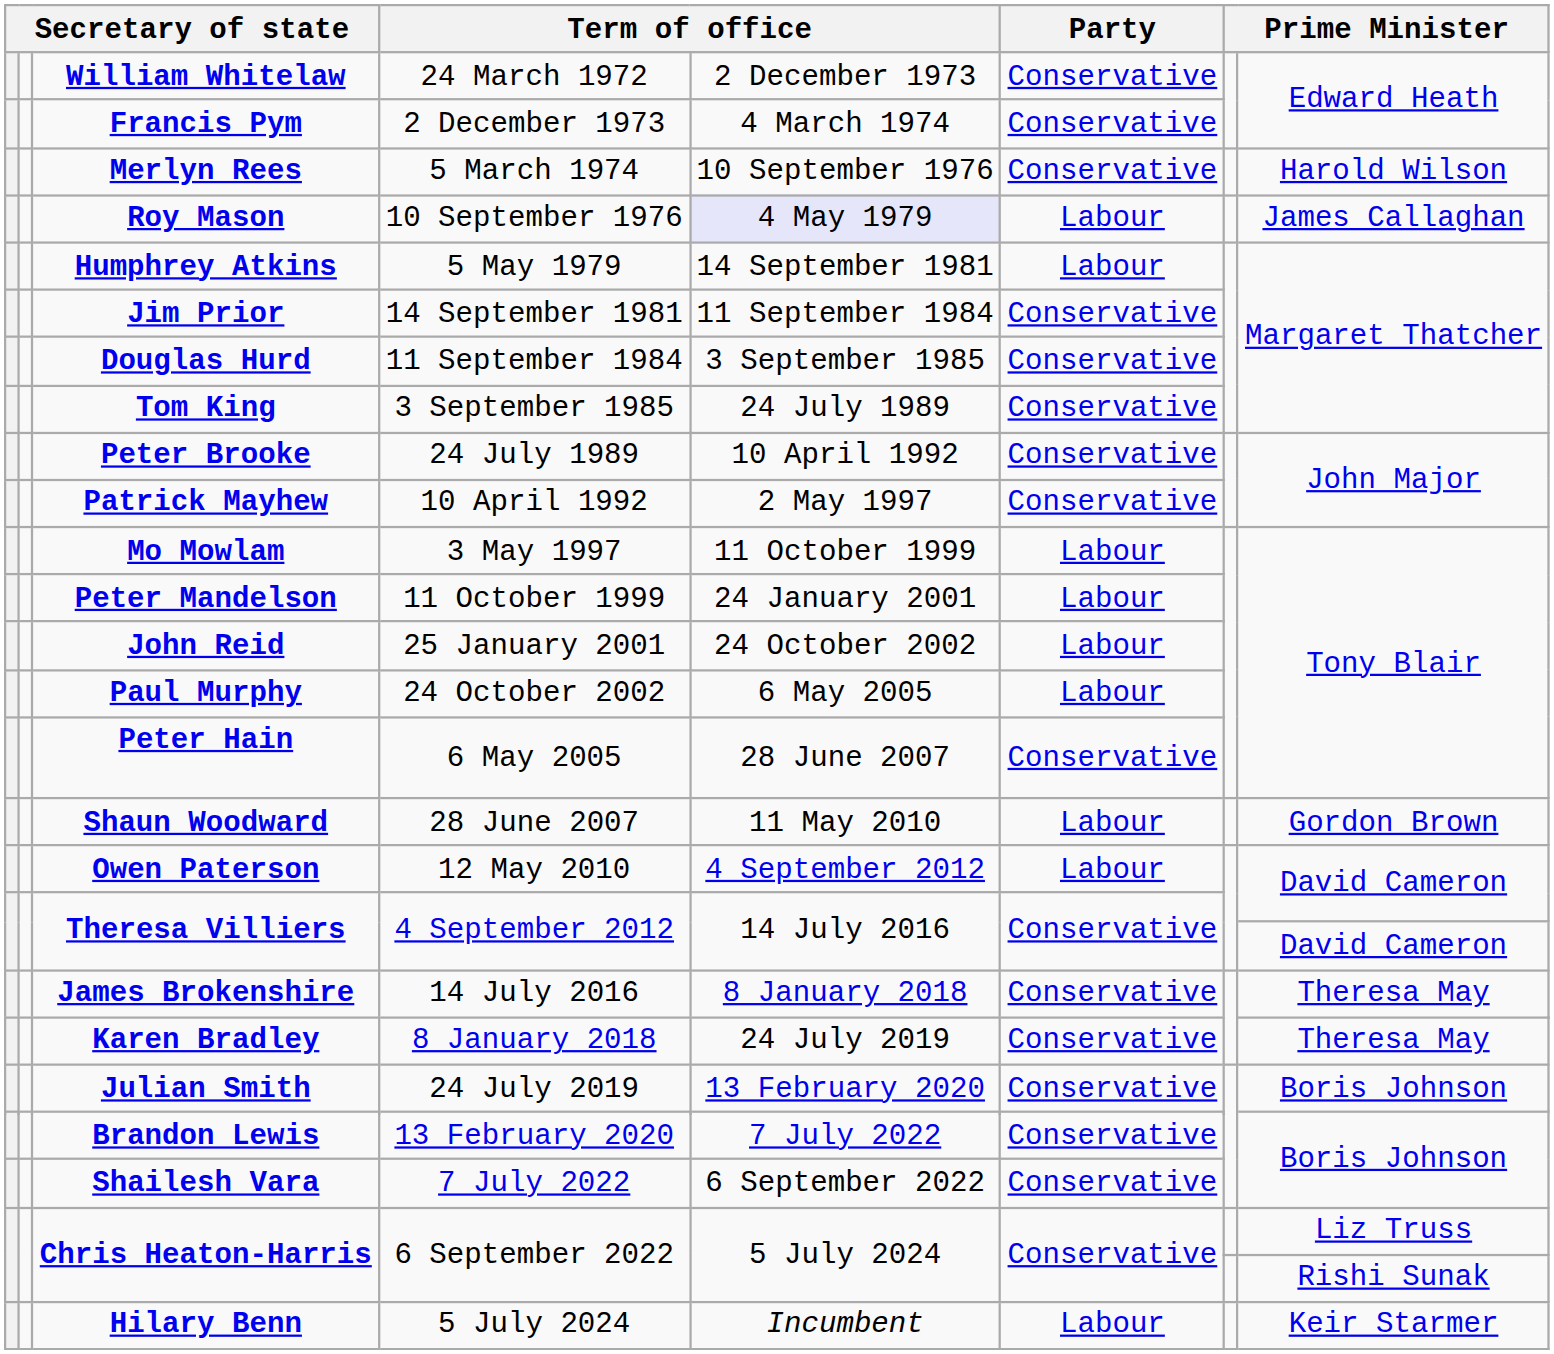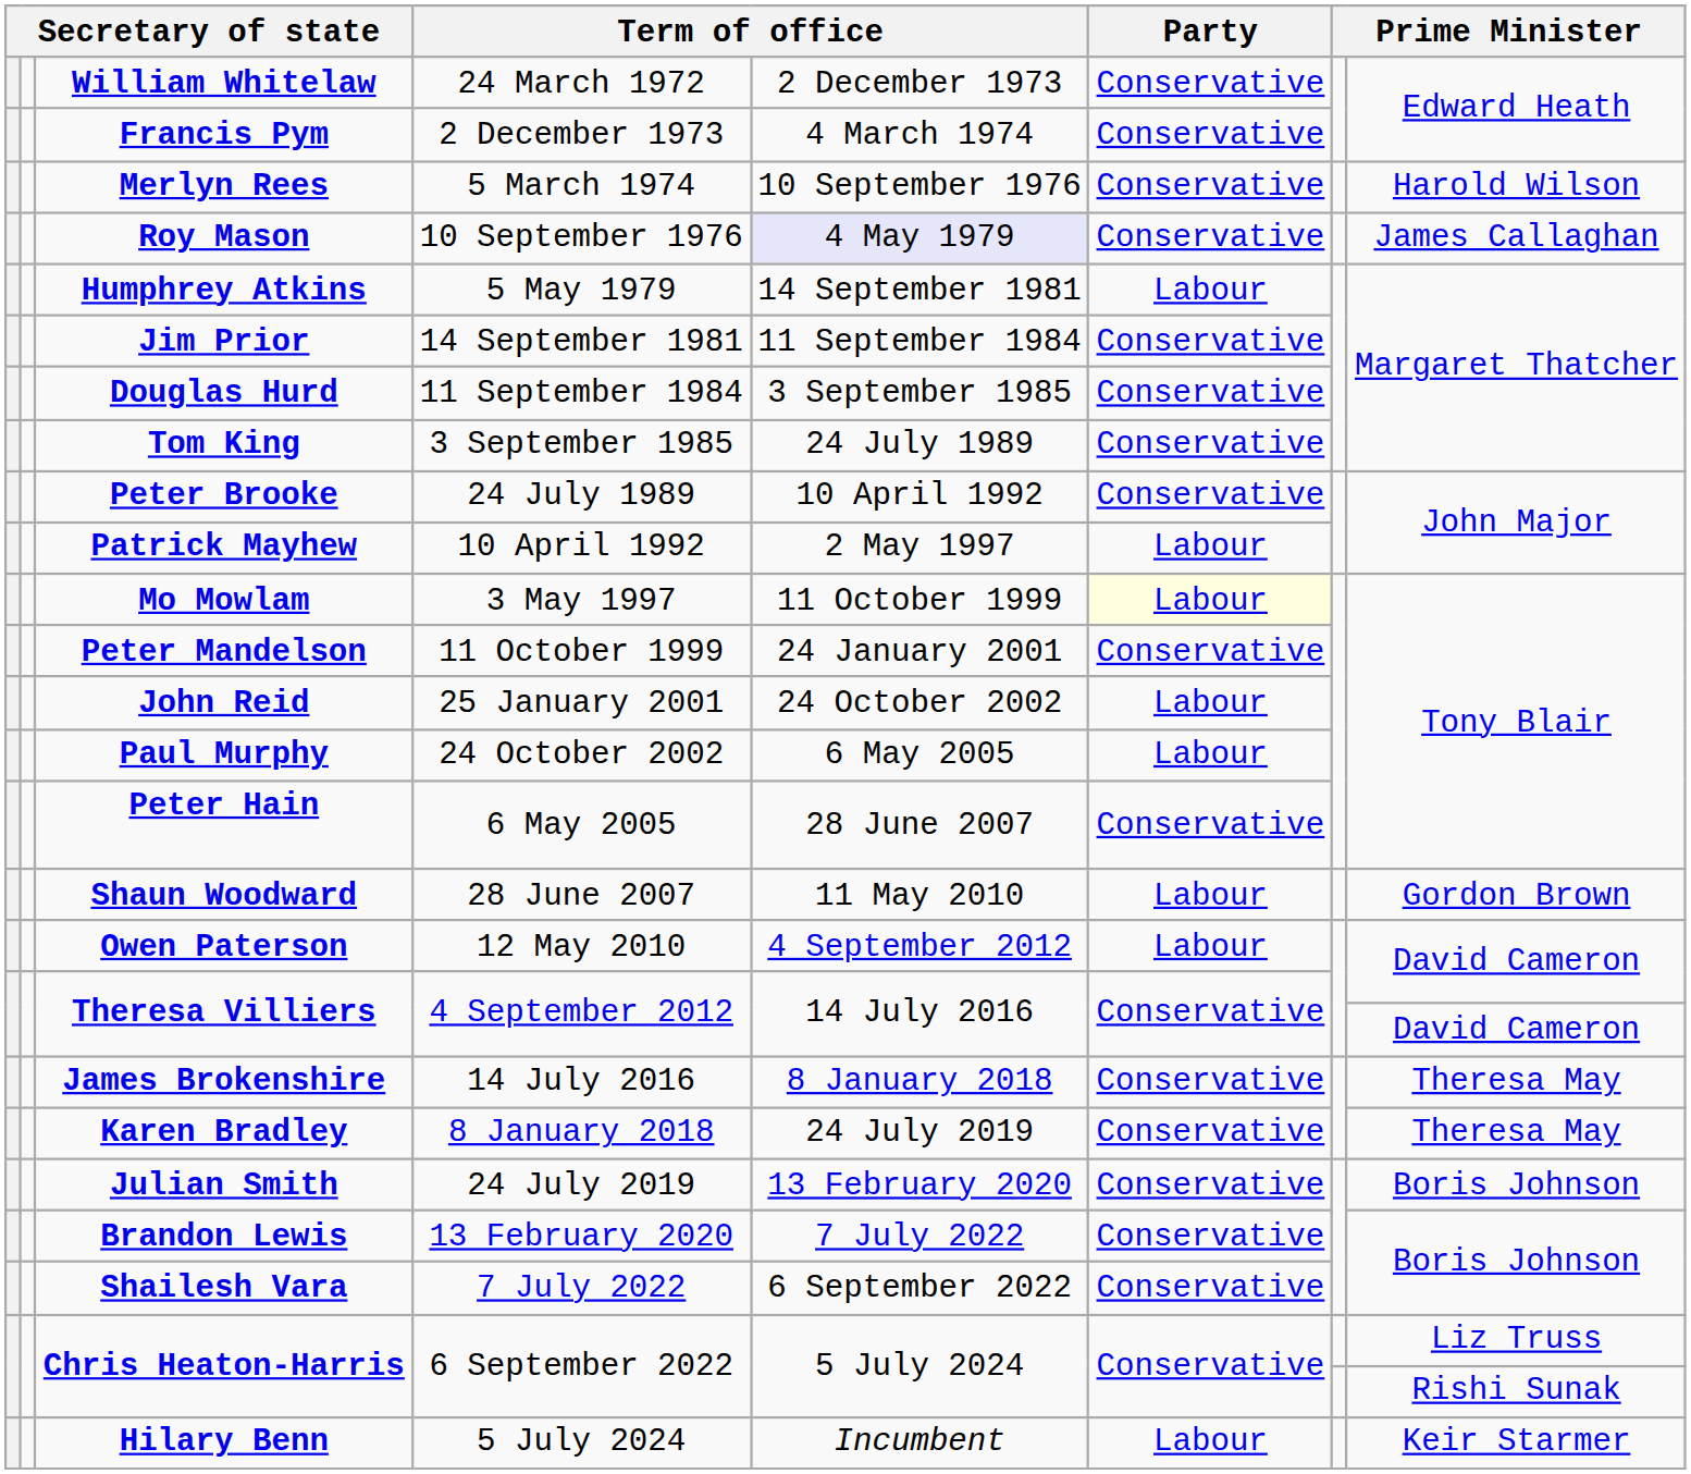 <table class="wikitable" style="text-align:center">
 <tr>
 <th colspan=3>Secretary of state</th>
 <th colspan=2>Term of office</th>
 <th>Party</th>
 <th colspan=2>Prime Minister</th>
 </tr>
 <tr style="height:1em">
 <th style="background-color:"></th>
 <td></td>
 <td><strong><a href='#'>William Whitelaw</a></strong><br></td>
 <td>24 March 1972</td>
 <td>2 December 1973</td>
 <td><a href='#'>Conservative</a></td>
 <td rowspan=2 style="background-color:"></td>
 <td rowspan=2><a href='#'>Edward Heath</a></td>
 </tr>
 <tr style="height:1em">
 <th style="background-color:"></th>
 <td></td>
 <td><strong><a href='#'>Francis Pym</a></strong><br></td>
 <td>2 December 1973</td>
 <td>4 March 1974</td>
 <td><a href='#'>Conservative</a></td>
 </tr>
 <tr style="height:1em">
 <th style="background-color:"></th>
 <td></td>
 <td><strong><a href='#'>Merlyn Rees</a></strong><br></td>
 <td>5 March 1974</td>
 <td>10 September 1976</td>
 <td><a href='#'>Conservative</a></td>
 <td style="background-color:"></td>
 <td><a href='#'>Harold Wilson</a></td>
 </tr>
 <tr style="height:1em">
 <th style="background-color:"></th>
 <td></td>
 <td><strong><a href='#'>Roy Mason</a></strong><br></td>
 <td>10 September 1976</td>
 <td style="background: lavender;">4 May 1979</td>
-<td><a href='#'>Labour</a></td>
+<td><a href='#'>Conservative</a></td>
 <td style="background-color:"></td>
 <td><a href='#'>James Callaghan</a></td>
 </tr>
 <tr style="height:1em">
 <th style="background-color:"></th>
 <td></td>
 <td><strong><a href='#'>Humphrey Atkins</a></strong><br></td>
 <td>5 May 1979</td>
 <td>14 September 1981</td>
 <td><a href='#'>Labour</a></td>
 <td rowspan=5 style="background-color:"></td>
 <td rowspan=5><a href='#'>Margaret Thatcher</a></td>
 </tr>
 <tr style="height:1em">
 <th style="background-color:"></th>
 <td></td>
 <td><strong><a href='#'>Jim Prior</a></strong><br></td>
 <td>14 September 1981</td>
 <td>11 September 1984</td>
 <td><a href='#'>Conservative</a></td>
 </tr>
 <tr style="height:1em">
 <th style="background-color:"></th>
 <td></td>
 <td><strong><a href='#'>Douglas Hurd</a></strong><br></td>
 <td>11 September 1984</td>
 <td>3 September 1985</td>
 <td><a href='#'>Conservative</a></td>
 </tr>
 <tr style="height:1em">
 <th style="background-color:"></th>
 <td></td>
 <td><strong><a href='#'>Tom King</a></strong><br></td>
 <td>3 September 1985</td>
 <td>24 July 1989</td>
 <td><a href='#'>Conservative</a></td>
 </tr>
 <tr>
 <th rowspan=2 style="background-color:"></th>
 <td rowspan=2></td>
 <td rowspan=2><strong><a href='#'>Peter Brooke</a></strong><br></td>
 <td rowspan=2>24 July 1989</td>
 <td rowspan=2>10 April 1992</td>
 <td rowspan=2><a href='#'>Conservative</a></td>
 </tr>
 <tr>
 <td rowspan=2 style="background-color:"></td>
 <td rowspan=2><a href='#'>John Major</a></td>
 </tr>
 <tr style="height:1em">
 <th style="background-color:"></th>
 <td></td>
 <td><strong><a href='#'>Patrick Mayhew</a></strong><br></td>
 <td>10 April 1992</td>
 <td>2 May 1997</td>
-<td><a href='#'>Conservative</a></td>
+<td><a href='#'>Labour</a></td>
 </tr>
 <tr style="height:1em">
 <th style="background-color:"></th>
 <td></td>
 <td><strong><a href='#'>Mo Mowlam</a></strong><br></td>
 <td>3 May 1997</td>
 <td>11 October 1999</td>
-<td><a href='#'>Labour</a></td>
+<td style="background: lightyellow;"><a href='#'>Labour</a></td>
 <td rowspan=5 style="background-color:"></td>
 <td rowspan=5><a href='#'>Tony Blair</a></td>
 </tr>
 <tr style="height:1em">
 <th style="background-color:"></th>
 <td></td>
 <td><strong><a href='#'>Peter Mandelson</a></strong><br></td>
 <td>11 October 1999</td>
 <td>24 January 2001</td>
-<td><a href='#'>Labour</a></td>
+<td><a href='#'>Conservative</a></td>
 </tr>
 <tr style="height:1em">
 <th style="background-color:"></th>
 <td></td>
 <td><strong><a href='#'>John Reid</a></strong><br></td>
 <td>25 January 2001</td>
 <td>24 October 2002</td>
 <td><a href='#'>Labour</a></td>
 </tr>
 <tr style="height:1em">
 <th style="background-color:"></th>
 <td></td>
 <td><strong><a href='#'>Paul Murphy</a></strong><br></td>
 <td>24 October 2002</td>
 <td>6 May 2005</td>
 <td><a href='#'>Labour</a></td>
 </tr>
 <tr style="height:1em">
 <th style="background-color:"></th>
 <td></td>
 <td><strong><a href='#'>Peter Hain</a></strong><br><br></td>
 <td>6 May 2005</td>
 <td>28 June 2007</td>
 <td><a href='#'>Conservative</a></td>
 </tr>
 <tr style="height:1em">
 <th style="background-color:"></th>
 <td></td>
 <td><strong><a href='#'>Shaun Woodward</a></strong><br></td>
 <td>28 June 2007</td>
 <td>11 May 2010</td>
 <td><a href='#'>Labour</a></td>
 <td style="background-color:"></td>
 <td><a href='#'>Gordon Brown</a></td>
 </tr>
 <tr style="height:1em">
 <th style="background-color:"></th>
 <td></td>
 <td><strong><a href='#'>Owen Paterson</a></strong><br></td>
 <td>12 May 2010</td>
 <td><a href='#'>4 September 2012</a></td>
 <td><a href='#'>Labour</a></td>
 <td rowspan=3 style="background-color:"></td>
 <td rowspan=2><a href='#'>David Cameron</a><br></td>
 </tr>
 <tr style="height:1em">
 <th rowspan=2 style="background-color:"></th>
 <td rowspan=2></td>
 <td rowspan=2><strong><a href='#'>Theresa Villiers</a></strong><br></td>
 <td rowspan=2><a href='#'>4 September 2012</a></td>
 <td rowspan=2>14 July 2016</td>
 <td rowspan=2><a href='#'>Conservative</a></td>
 </tr>
 <tr>
 <td><a href='#'>David Cameron</a><br></td>
 </tr>
 <tr style="height:1em">
 <th rowspan=2 style="background-color:"></th>
 <td rowspan=2></td>
 <td rowspan=2><strong><a href='#'>James Brokenshire</a></strong><br></td>
 <td rowspan=2>14 July 2016</td>
 <td rowspan=2><a href='#'>8 January 2018</a></td>
 <td rowspan=2><a href='#'>Conservative</a></td>
 <td rowspan=3 style="background-color:"></td>
 <td><a href='#'>Theresa May</a><br></td>
 </tr>
 <tr>
 <td rowspan=2><a href='#'>Theresa May</a><br></td>
 </tr>
 <tr style="height:1em">
 <th style="background-color:"></th>
 <td></td>
 <td><strong><a href='#'>Karen Bradley</a></strong><br></td>
 <td><a href='#'>8 January 2018</a></td>
 <td>24 July 2019</td>
 <td><a href='#'>Conservative</a></td>
 </tr>
 <tr style="height:1em">
 <th rowspan=2 style="background-color:"></th>
 <td rowspan=2></td>
 <td rowspan=2><strong><a href='#'>Julian Smith</a></strong><br></td>
 <td rowspan=2>24 July 2019</td>
 <td rowspan=2><a href='#'>13 February 2020</a></td>
 <td rowspan=2><a href='#'>Conservative</a></td>
 <td rowspan=4 style="background-color:"></td>
 <td><a href='#'>Boris Johnson</a><br></td>
 </tr>
 <tr>
 <td rowspan=3><a href='#'>Boris Johnson</a><br></td>
 </tr>
 <tr style="height:1em">
 <th style="background-color:"></th>
 <td></td>
 <td><strong><a href='#'>Brandon Lewis</a></strong><br></td>
 <td><a href='#'>13 February 2020</a></td>
 <td><a href='#'>7 July 2022</a></td>
 <td><a href='#'>Conservative</a></td>
 </tr>
 <tr style="height:1em">
 <th style="background-color:"></th>
 <td></td>
 <td><strong><a href='#'>Shailesh Vara</a></strong><br></td>
 <td><a href='#'>7 July 2022</a></td>
 <td>6 September 2022</td>
 <td><a href='#'>Conservative</a></td>
 </tr>
 <tr>
 <th rowspan=2 style="background-color:"></th>
 <td rowspan=2></td>
 <td rowspan=2><strong><a href='#'>Chris Heaton-Harris</a></strong><br></td>
 <td rowspan=2>6 September 2022</td>
 <td rowspan=2>5 July 2024</td>
 <td rowspan=2><a href='#'>Conservative</a></td>
 <td style="background-color:"></td>
 <td><a href='#'>Liz Truss</a><br></td>
 </tr>
 <tr>
 <td style="background-color:"></td>
 <td><a href='#'>Rishi Sunak</a><br></td>
 </tr>
 <tr>
 <th style="background-color:"></th>
 <td></td>
 <td><strong><a href='#'>Hilary Benn</a></strong><br></td>
 <td>5 July 2024</td>
 <td><em>Incumbent</em></td>
 <td><a href='#'>Labour</a></td>
 <td style="background-color:"></td>
 <td><a href='#'>Keir Starmer</a><br></td>
 </tr>
 </table>
